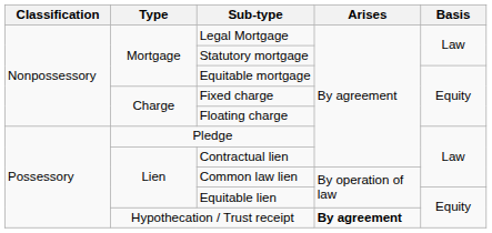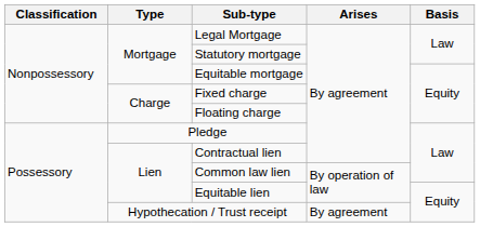 <table class="wikitable">
 <tr>
 <th style="width: 125px;">Classification</th>
 <th style="width: 100px;">Type</th>
 <th style="width: 140px;">Sub-type</th>
 <th style="width: 125px;">Arises</th>
 <th style="width: 75px;">Basis</th>
 </tr>
 <tr>
 <td rowspan=5>Nonpossessory</td>
 <td rowspan=3 style="text-align: center">Mortgage</td>
 <td>Legal Mortgage</td>
 <td rowspan=7>By agreement</td>
 <td rowspan=2 style="text-align: center">Law</td>
 </tr>
 <tr>
 <td>Statutory mortgage</td>
 </tr>
 <tr>
 <td>Equitable mortgage</td>
 <td rowspan=3 style="text-align: center">Equity</td>
 </tr>
 <tr>
 <td rowspan=2 style="text-align: center">Charge</td>
 <td>Fixed charge</td>
 </tr>
 <tr>
 <td>Floating charge</td>
 </tr>
 <tr>
 <td rowspan=5>Possessory</td>
 <td colspan=2 style="text-align: center">Pledge</td>
 <td rowspan=3 style="text-align: center">Law</td>
 </tr>
 <tr>
 <td rowspan=3 style="text-align: center">Lien</td>
 <td>Contractual lien</td>
 </tr>
 <tr>
 <td>Common law lien</td>
 <td rowspan=2>By operation of law</td>
 </tr>
 <tr>
 <td>Equitable lien</td>
 <td rowspan=2 style="text-align: center">Equity</td>
 </tr>
 <tr>
 <td colspan=2 style="text-align: center">Hypothecation / Trust receipt</td>
-<td><strong>By agreement</strong></td>
+<td>By agreement</td>
 </tr>
 </table>
